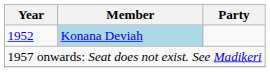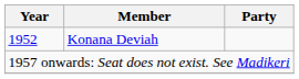 <table class="wikitable sortable">
 <tr>
 <th>Year</th>
 <th>Member</th>
 <th colspan="2">Party</th>
 </tr>
 <tr>
 <td><a href='#'>1952</a></td>
-<td style="background: lightblue;"><a href='#'>Konana Deviah</a></td>
+<td><a href='#'>Konana Deviah</a></td>
 <td></td>
 </tr>
 <tr>
 <td colspan=5 align=center>1957 onwards: <em>Seat does not exist. See <a href='#'>Madikeri</a></em></td>
 </tr>
 <tr>
 </tr>
 </table>
